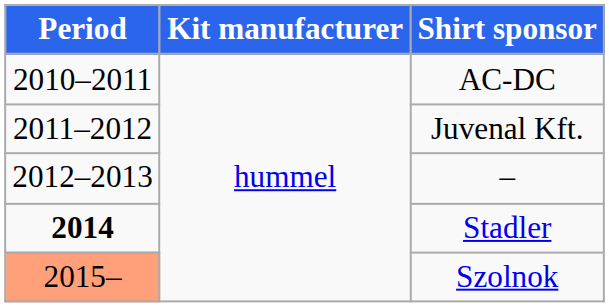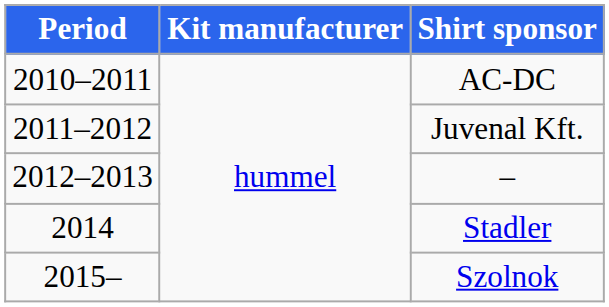 <table class="wikitable" style="text-align:center;margin-left:1em">
 <tr>
 <th style="color:#FFFFFF; background:#2B65EC">Period</th>
 <th style="color:#FFFFFF; background:#2B65EC">Kit manufacturer</th>
 <th style="color:#FFFFFF; background:#2B65EC">Shirt sponsor</th>
 </tr>
 <tr>
 <td>2010–2011</td>
 <td rowspan=5><a href='#'>hummel</a></td>
 <td>AC-DC</td>
 </tr>
 <tr>
 <td>2011–2012</td>
 <td>Juvenal Kft.</td>
 </tr>
 <tr>
 <td>2012–2013</td>
 <td>–</td>
 </tr>
 <tr>
-<td><strong>2014</strong></td>
+<td>2014</td>
 <td><a href='#'>Stadler</a></td>
 </tr>
 <tr>
-<td style="background: lightsalmon;">2015–</td>
+<td>2015–</td>
 <td><a href='#'>Szolnok</a></td>
 </tr>
 </table>
